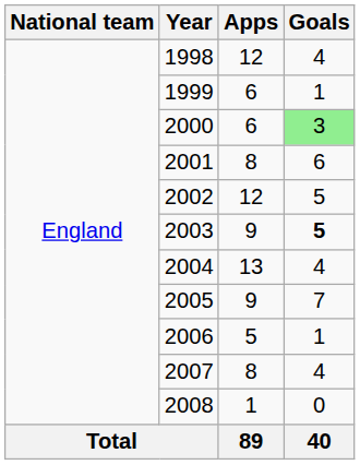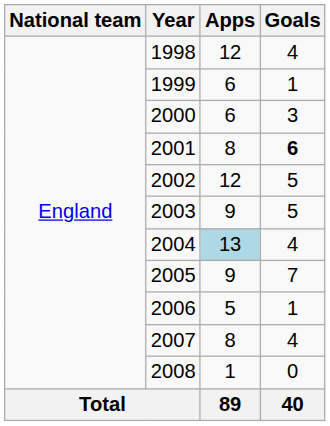 <table class="wikitable" style="text-align:center">
 <tr>
 <th>National team</th>
 <th>Year</th>
 <th>Apps</th>
 <th>Goals</th>
 </tr>
 <tr>
 <td rowspan="11"><a href='#'>England</a></td>
 <td>1998</td>
 <td>12</td>
 <td>4</td>
 </tr>
 <tr>
 <td>1999</td>
 <td>6</td>
 <td>1</td>
 </tr>
 <tr>
 <td>2000</td>
 <td>6</td>
-<td style="background: lightgreen;">3</td>
+<td>3</td>
 </tr>
 <tr>
 <td>2001</td>
 <td>8</td>
-<td>6</td>
+<td><strong>6</strong></td>
 </tr>
 <tr>
 <td>2002</td>
 <td>12</td>
 <td>5</td>
 </tr>
 <tr>
 <td>2003</td>
 <td>9</td>
-<td><strong>5</strong></td>
+<td>5</td>
 </tr>
 <tr>
 <td>2004</td>
-<td>13</td>
+<td style="background: lightblue;">13</td>
 <td>4</td>
 </tr>
 <tr>
 <td>2005</td>
 <td>9</td>
 <td>7</td>
 </tr>
 <tr>
 <td>2006</td>
 <td>5</td>
 <td>1</td>
 </tr>
 <tr>
 <td>2007</td>
 <td>8</td>
 <td>4</td>
 </tr>
 <tr>
 <td>2008</td>
 <td>1</td>
 <td>0</td>
 </tr>
 <tr>
 <th colspan="2">Total</th>
 <th>89</th>
 <th>40</th>
 </tr>
 </table>
